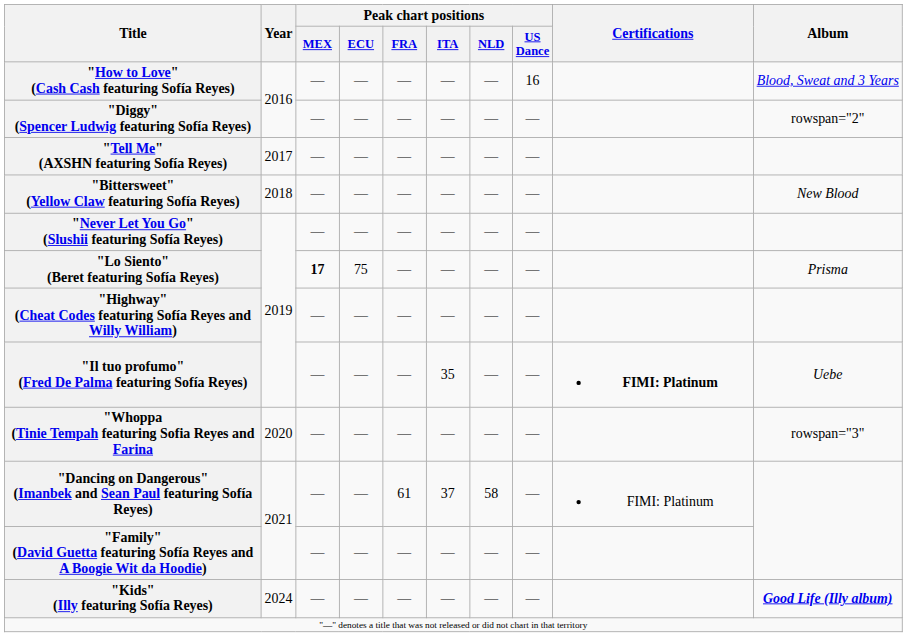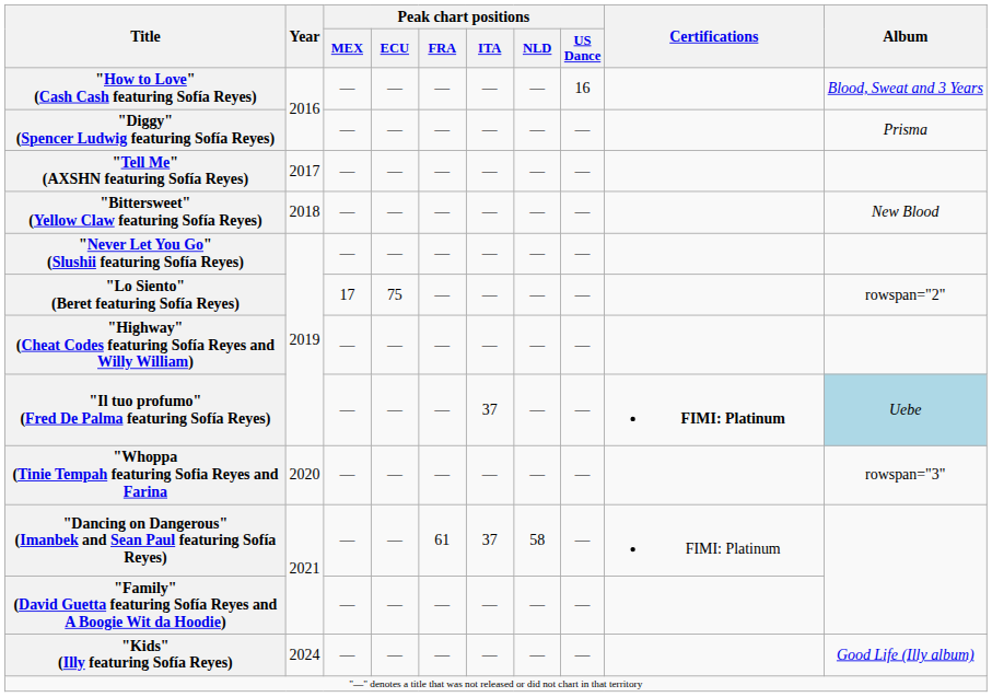 <table class="wikitable plainrowheaders" style="text-align:center;">
 <tr>
 <th scope="col" rowspan="2" style="width:18em;">Title</th>
 <th scope="col" rowspan="2">Year</th>
 <th scope="col" colspan="6">Peak chart positions</th>
 <th scope="col" rowspan="2" style="width:14em;"><a href='#'>Certifications</a></th>
 <th scope="col" rowspan="2">Album</th>
 </tr>
 <tr>
 <th scope="col" style="width:3em;font-size:90%;"><a href='#'>MEX</a><br></th>
 <th scope="col" style="width:3em;font-size:90%;"><a href='#'>ECU</a><br></th>
 <th scope="col" style="width:3em;font-size:90%;"><a href='#'>FRA</a><br></th>
 <th scope="col" style="width:3em;font-size:90%;"><a href='#'>ITA</a><br></th>
 <th scope="col" style="width:3em;font-size:90%;"><a href='#'>NLD</a><br></th>
 <th scope="col" style="width:2.5em;font-size:90%;"><a href='#'>US<br>Dance</a><br></th>
 </tr>
 <tr>
 <th scope="row">"<a href='#'>How to Love</a>" <br><span>(<a href='#'>Cash Cash</a> featuring Sofía Reyes)</span></th>
 <td rowspan="2">2016</td>
 <td>—</td>
 <td>—</td>
 <td>—</td>
 <td>—</td>
 <td>—</td>
 <td>16</td>
 <td></td>
 <td><em><a href='#'>Blood, Sweat and 3 Years </a></em></td>
 </tr>
 <tr>
 <th scope="row">"Diggy" <br><span>(<a href='#'>Spencer Ludwig</a> featuring Sofía Reyes)</span></th>
 <td>—</td>
 <td>—</td>
 <td>—</td>
 <td>—</td>
 <td>—</td>
 <td>—</td>
 <td></td>
-<td>rowspan="2" </td>
+<td><em>Prisma</em></td>
 </tr>
 <tr>
 <th scope="row">"<a href='#'>Tell Me</a>"<br><span>(AXSHN featuring Sofía Reyes)</span></th>
 <td>2017</td>
 <td>—</td>
 <td>—</td>
 <td>—</td>
 <td>—</td>
 <td>—</td>
 <td>—</td>
 <td></td>
 </tr>
 <tr>
 <th scope="row">"Bittersweet"<br><span>(<a href='#'>Yellow Claw</a> featuring Sofía Reyes)</span></th>
 <td>2018</td>
 <td>—</td>
 <td>—</td>
 <td>—</td>
 <td>—</td>
 <td>—</td>
 <td>—</td>
 <td></td>
 <td><em>New Blood</em></td>
 </tr>
 <tr>
 <th scope="row">"<a href='#'>Never Let You Go</a>" <br><span>(<a href='#'>Slushii</a> featuring Sofía Reyes)</span></th>
 <td rowspan="4">2019</td>
 <td>—</td>
 <td>—</td>
 <td>—</td>
 <td>—</td>
 <td>—</td>
 <td>—</td>
 <td></td>
 <td></td>
 </tr>
 <tr>
 <th scope="row">"Lo Siento" <br><span>(Beret featuring Sofía Reyes)</span></th>
-<td><strong>17</strong></td>
+<td>17</td>
 <td>75</td>
 <td>—</td>
 <td>—</td>
 <td>—</td>
 <td>—</td>
 <td></td>
-<td><em>Prisma</em></td>
+<td>rowspan="2" </td>
 </tr>
 <tr>
 <th scope="row">"Highway" <br><span>(<a href='#'>Cheat Codes</a> featuring Sofía Reyes and <a href='#'>Willy William</a>)</span></th>
 <td>—</td>
 <td>—</td>
 <td>—</td>
 <td>—</td>
 <td>—</td>
 <td>—</td>
 <td></td>
 <td></td>
 </tr>
 <tr>
 <th scope="row">"Il tuo profumo" <br><span>(<a href='#'>Fred De Palma</a> featuring Sofía Reyes)</span></th>
 <td>—</td>
 <td>—</td>
 <td>—</td>
-<td>35</td>
+<td>37</td>
 <td>—</td>
 <td>—</td>
 <td><strong><br><ul><li>FIMI: Platinum</li></ul></strong></td>
-<td><em>Uebe</em></td>
+<td style="background: lightblue;"><em>Uebe</em></td>
 </tr>
 <tr>
 <th scope="row">"Whoppa<br><span>(<a href='#'>Tinie Tempah</a> featuring Sofia Reyes and <a href='#'>Farina</a></span></th>
 <td>2020</td>
 <td>—</td>
 <td>—</td>
 <td>—</td>
 <td>—</td>
 <td>—</td>
 <td>—</td>
 <td></td>
 <td>rowspan="3" </td>
 </tr>
 <tr>
 <th scope="row">"Dancing on Dangerous" <br><span>(<a href='#'>Imanbek</a> and <a href='#'>Sean Paul</a> featuring Sofía Reyes)</span></th>
 <td rowspan="2">2021</td>
 <td>—</td>
 <td>—</td>
 <td>61<br></td>
 <td>37</td>
 <td>58</td>
 <td>—</td>
 <td><br><ul><li>FIMI: Platinum</li></ul></td>
 </tr>
 <tr>
 <th scope="row">"Family"<br><span>(<a href='#'>David Guetta</a> featuring Sofía Reyes and <a href='#'>A Boogie Wit da Hoodie</a>)</span></th>
 <td>—</td>
 <td>—</td>
 <td>—</td>
 <td>—</td>
 <td>—</td>
 <td>—</td>
 <td></td>
 </tr>
 <tr>
 <th scope="row">"Kids"<br><span>(<a href='#'>Illy</a> featuring Sofía Reyes)</span></th>
 <td>2024</td>
 <td>—</td>
 <td>—</td>
 <td>—</td>
 <td>—</td>
 <td>—</td>
 <td>—</td>
 <td></td>
-<td><strong><em><a href='#'>Good Life (Illy album)</a></em></strong></td>
+<td><em><a href='#'>Good Life (Illy album)</a></em></td>
 </tr>
 <tr>
 <td colspan="14" style="text-align:center; font-size:8pt;">"—" denotes a title that was not released or did not chart in that territory</td>
 </tr>
 </table>
